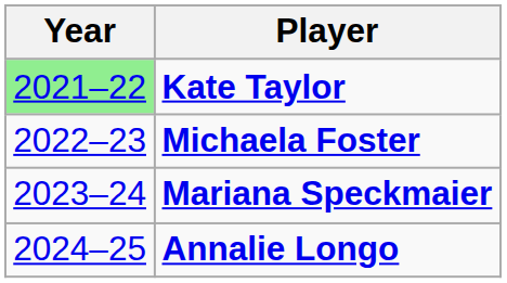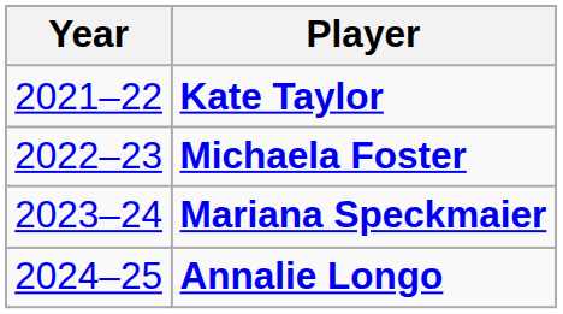 <table class="wikitable" border="1">
 <tr>
 <th>Year</th>
 <th>Player</th>
 </tr>
 <tr>
-<td style="background: lightgreen;"><a href='#'>2021–22</a></td>
+<td><a href='#'>2021–22</a></td>
 <td style="text-align:left;"> <strong><a href='#'>Kate Taylor</a></strong></td>
 </tr>
 <tr>
 <td><a href='#'>2022–23</a></td>
 <td style="text-align:left;"> <strong><a href='#'>Michaela Foster</a></strong></td>
 </tr>
 <tr>
 <td><a href='#'>2023–24</a></td>
 <td> <strong><a href='#'>Mariana Speckmaier</a></strong></td>
 </tr>
 <tr>
 <td><a href='#'>2024–25</a></td>
 <td> <strong><a href='#'>Annalie Longo</a></strong></td>
 </tr>
 </table>
